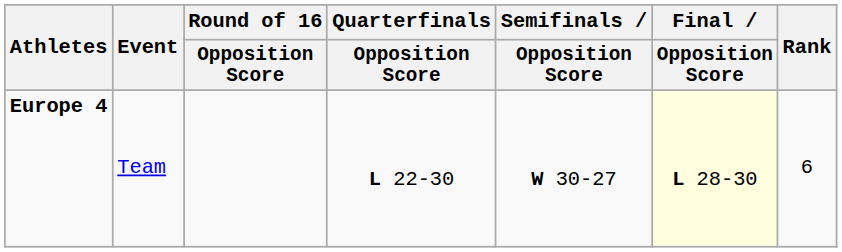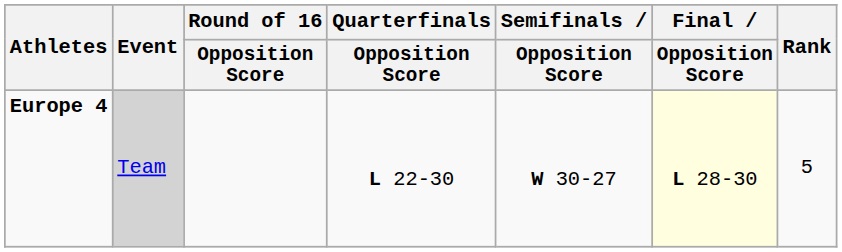 <table class=wikitable style="font-size:90%">
 <tr>
 <th rowspan="2">Athletes</th>
 <th rowspan="2">Event</th>
 <th>Round of 16</th>
 <th>Quarterfinals</th>
 <th>Semifinals / </th>
 <th>Final / </th>
 <th rowspan=2>Rank</th>
 </tr>
 <tr style="font-size:95%">
 <th>Opposition<br>Score</th>
 <th>Opposition<br>Score</th>
 <th>Opposition<br>Score</th>
 <th>Opposition<br>Score</th>
 </tr>
 <tr align=center>
 <td align=left><strong>Europe 4</strong> <br>  <br>  <br>  <br>  <br>  <br> </td>
-<td align=left><a href='#'>Team</a></td>
+<td align=left style="background: lightgrey;"><a href='#'>Team</a></td>
 <td></td>
 <td> <br> <strong>L</strong> 22-30</td>
 <td> <br> <strong>W</strong> 30-27</td>
 <td style="background: lightyellow;"> <br> <strong>L</strong> 28-30</td>
-<td>6</td>
+<td>5</td>
 </tr>
 </table>
